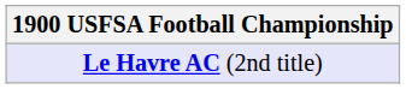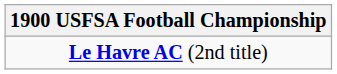 <table class="wikitable" style="text-align: center; margin: 0 auto;">
 <tr>
 <th>1900 USFSA Football Championship</th>
 </tr>
 <tr>
-<td style="background: lavender;"><strong><a href='#'>Le Havre AC</a></strong> (2nd title)</td>
+<td><strong><a href='#'>Le Havre AC</a></strong> (2nd title)</td>
 </tr>
 </table>
